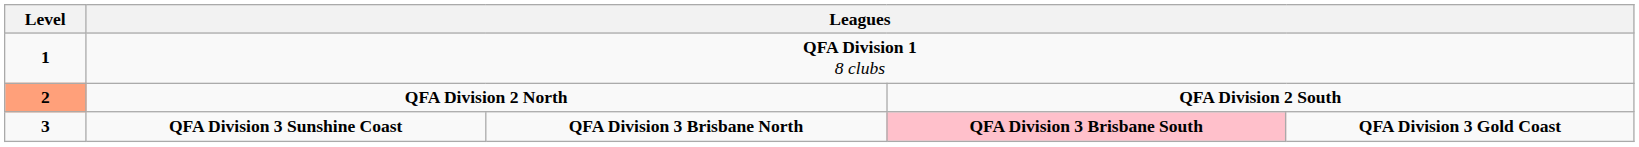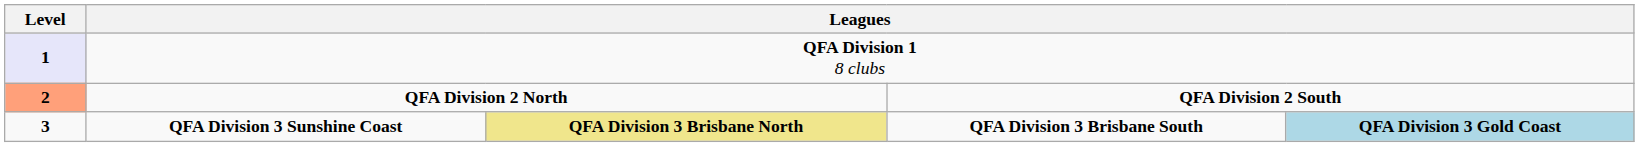 <table class="wikitable" style="text-align: center; font-size: 85%;" width="100%;">
 <tr>
 <th>Level</th>
 <th colspan=4>Leagues</th>
 </tr>
 <tr>
-<td><strong>1</strong></td>
+<td style="background: lavender;"><strong>1</strong></td>
 <td colspan="4"><strong>QFA Division 1</strong><br><em>8 clubs</em></td>
 </tr>
 <tr>
 <td style="background: lightsalmon;"><strong>2</strong></td>
 <td colspan="2"><strong>QFA Division 2 North</strong></td>
 <td colspan="2"><strong>QFA Division 2 South</strong></td>
 </tr>
 <tr>
 <td><strong>3</strong></td>
 <td colspan="1"><strong>QFA Division 3 Sunshine Coast</strong><br></td>
-<td colspan="1"><strong>QFA Division 3 Brisbane North</strong><br></td>
-<td colspan="1" style="background: pink;"><strong>QFA Division 3 Brisbane South</strong><br></td>
-<td colspan="1"><strong>QFA Division 3 Gold Coast</strong><br></td>
+<td colspan="1" style="background: khaki;"><strong>QFA Division 3 Brisbane North</strong><br></td>
+<td colspan="1"><strong>QFA Division 3 Brisbane South</strong><br></td>
+<td colspan="1" style="background: lightblue;"><strong>QFA Division 3 Gold Coast</strong><br></td>
 </tr>
 </table>
